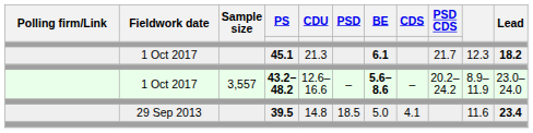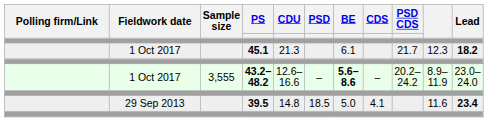 <table class="wikitable collapsible sortable" style="text-align:center; font-size:95%; line-height:16px;">
 <tr style="height:42px;">
 <th style="width:145px;" rowspan="2">Polling firm/Link</th>
 <th style="width:125px;" rowspan="2">Fieldwork date</th>
 <th class="unsortable" style="width:50px;" rowspan="2">Sample size</th>
 <th class="unsortable" style="width:35px;"><a href='#'>PS</a></th>
 <th class="unsortable" style="width:35px;"><a href='#'>CDU</a></th>
 <th class="unsortable" style="width:35px;"><a href='#'>PSD</a></th>
 <th class="unsortable" style="width:35px;"><a href='#'>BE</a></th>
 <th class="unsortable" style="width:35px;"><a href='#'>CDS</a></th>
 <th class="unsortable" style="width:35px;"><a href='#'>PSD</a><br><a href='#'>CDS</a></th>
 <th class="unsortable" style="width:35px;" rowspan="2"></th>
 <th class="unsortable" style="width:30px;" rowspan="2">Lead</th>
 </tr>
 <tr>
 <th class="unsortable" style="color:inherit;background:"></th>
 <th class="unsortable" style="color:inherit;background:"></th>
 <th class="unsortable" style="color:inherit;background:"></th>
 <th class="unsortable" style="color:inherit;background:"></th>
 <th class="unsortable" style="color:inherit;background:"></th>
 <th class="unsortable" style="color:inherit;background:"></th>
 </tr>
 <tr>
 <td colspan="12" style="background:#A0A0A0"></td>
 </tr>
 <tr style="background:#EFEFEF;">
 <td><strong></strong></td>
 <td data-sort-value="2019-10-06">1 Oct 2017</td>
 <td></td>
 <td><strong>45.1</strong><br></td>
 <td>21.3<br></td>
 <td></td>
-<td><strong>6.1<br></strong></td>
+<td>6.1<br></td>
 <td></td>
 <td>21.7<br></td>
 <td>12.3<br></td>
 <td style="background:"><strong>18.2</strong></td>
 </tr>
 <tr>
 <td colspan="12" style="background:#A0A0A0"></td>
 </tr>
 <tr>
 </tr>
 <tr style="background:#EAFFEA"|>
 <td></td>
 <td data-sort-value="2019-10-06">1 Oct 2017</td>
-<td>3,557</td>
+<td>3,555</td>
 <td><strong>43.2–<br>48.2</strong><br></td>
 <td>12.6–<br>16.6<br></td>
 <td>–</td>
 <td><strong>5.6–<br>8.6<br></strong></td>
 <td>–</td>
 <td>20.2–<br>24.2<br></td>
 <td>8.9–<br>11.9<br></td>
 <td style="background:">23.0–<br>24.0</td>
 </tr>
 <tr>
 <td colspan="12" style="background:#A0A0A0"></td>
 </tr>
 <tr style="background:#EFEFEF;">
 <td><strong></strong></td>
 <td data-sort-value="2019-10-06">29 Sep 2013</td>
 <td></td>
 <td><strong>39.5</strong><br></td>
 <td>14.8<br></td>
 <td>18.5<br></td>
 <td>5.0<br></td>
 <td>4.1<br></td>
 <td></td>
 <td>11.6<br></td>
 <td style="background:"><strong>23.4</strong></td>
 </tr>
 <tr>
 <td colspan="12" style="background:#A0A0A0"></td>
 </tr>
 <tr>
 </tr>
 </table>
